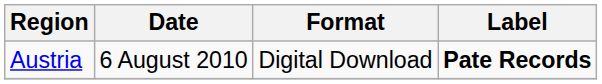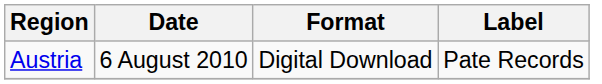 <table class=wikitable>
 <tr>
 <th>Region</th>
 <th>Date</th>
 <th>Format</th>
 <th>Label</th>
 </tr>
 <tr>
 <td><a href='#'>Austria</a></td>
 <td>6 August 2010</td>
 <td>Digital Download</td>
-<td><strong>Pate Records</strong></td>
+<td>Pate Records</td>
 </tr>
 <tr>
 </tr>
 </table>
